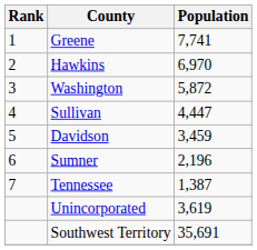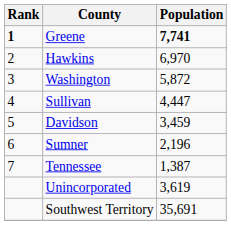 <table class=wikitable>
 <tr>
 <th>Rank</th>
 <th>County</th>
 <th>Population</th>
 </tr>
 <tr>
-<td>1</td>
+<td><strong>1</strong></td>
 <td><a href='#'>Greene</a></td>
-<td>7,741</td>
+<td><strong>7,741</strong></td>
 </tr>
 <tr>
 <td>2</td>
 <td><a href='#'>Hawkins</a></td>
 <td>6,970</td>
 </tr>
 <tr>
 <td>3</td>
 <td><a href='#'>Washington</a></td>
 <td>5,872</td>
 </tr>
 <tr>
 <td>4</td>
 <td><a href='#'>Sullivan</a></td>
 <td>4,447</td>
 </tr>
 <tr>
 <td>5</td>
 <td><a href='#'>Davidson</a></td>
 <td>3,459</td>
 </tr>
 <tr>
 <td>6</td>
 <td><a href='#'>Sumner</a></td>
 <td>2,196</td>
 </tr>
 <tr>
 <td>7</td>
 <td><a href='#'>Tennessee</a></td>
 <td>1,387</td>
 </tr>
 <tr>
 <td></td>
 <td><a href='#'>Unincorporated</a></td>
 <td>3,619</td>
 </tr>
 <tr>
 <td></td>
 <td>Southwest Territory</td>
 <td>35,691</td>
 </tr>
 <tr>
 </tr>
 </table>
